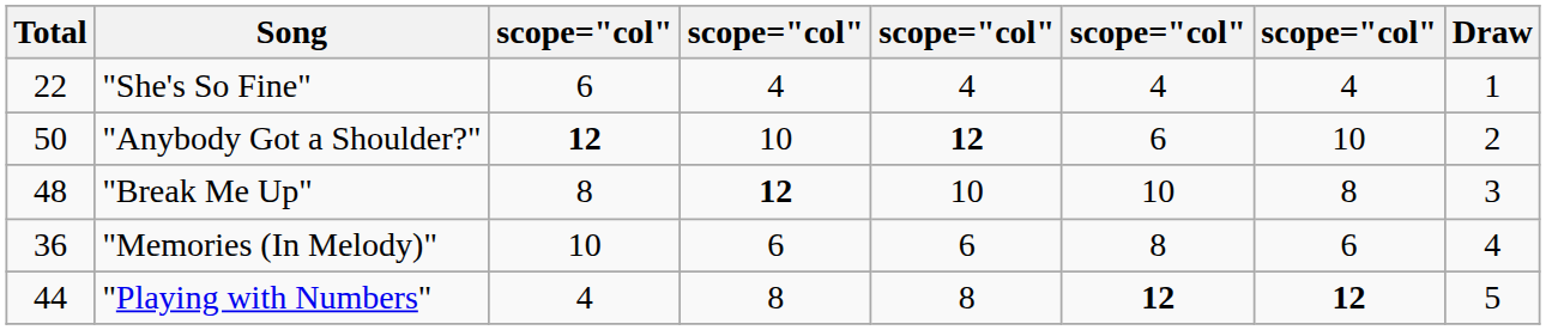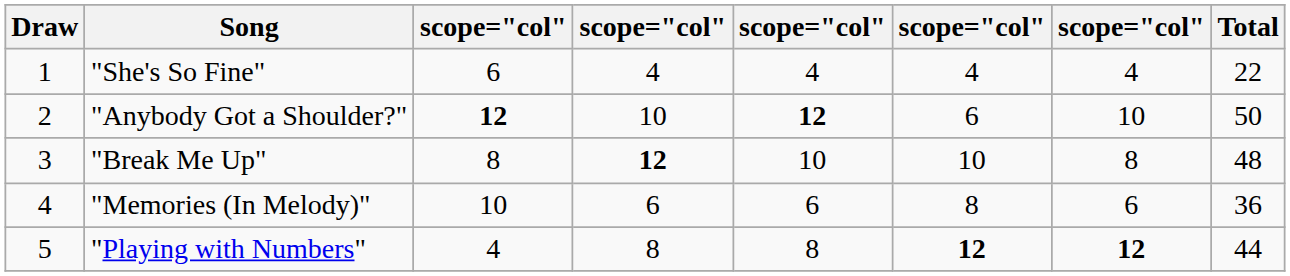 <table class="wikitable collapsible" style="margin: 1em auto 1em auto; text-align:center;">
 <tr>
-<th>Total</th>
+<th>Draw</th>
 <th>Song</th>
 <th>scope="col" </th>
 <th>scope="col" </th>
 <th>scope="col" </th>
 <th>scope="col" </th>
 <th>scope="col" </th>
-<th>Draw</th>
+<th>Total</th>
 </tr>
 <tr>
-<td>22</td>
+<td>1</td>
 <td align="left">"She's So Fine"</td>
 <td>6</td>
 <td>4</td>
 <td>4</td>
 <td>4</td>
 <td>4</td>
-<td>1</td>
+<td>22</td>
 </tr>
 <tr>
-<td>50</td>
+<td>2</td>
 <td align="left">"Anybody Got a Shoulder?"</td>
 <td><strong>12</strong></td>
 <td>10</td>
 <td><strong>12</strong></td>
 <td>6</td>
 <td>10</td>
-<td>2</td>
+<td>50</td>
 </tr>
 <tr>
-<td>48</td>
+<td>3</td>
 <td align="left">"Break Me Up"</td>
 <td>8</td>
 <td><strong>12</strong></td>
 <td>10</td>
 <td>10</td>
 <td>8</td>
-<td>3</td>
+<td>48</td>
 </tr>
 <tr>
-<td>36</td>
+<td>4</td>
 <td align="left">"Memories (In Melody)"</td>
 <td>10</td>
 <td>6</td>
 <td>6</td>
 <td>8</td>
 <td>6</td>
-<td>4</td>
+<td>36</td>
 </tr>
 <tr>
-<td>44</td>
+<td>5</td>
 <td align="left">"<a href='#'>Playing with Numbers</a>"</td>
 <td>4</td>
 <td>8</td>
 <td>8</td>
 <td><strong>12</strong></td>
 <td><strong>12</strong></td>
-<td>5</td>
+<td>44</td>
 </tr>
 </table>
